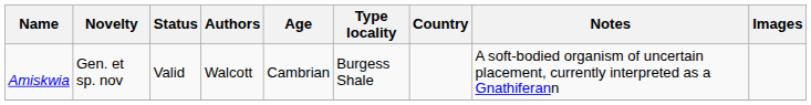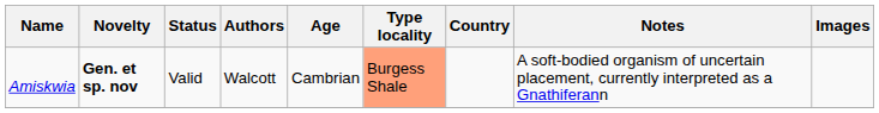 <table class="wikitable sortable" align="center" width="100%">
 <tr>
 <th>Name</th>
 <th>Novelty</th>
 <th>Status</th>
 <th>Authors</th>
 <th>Age</th>
 <th>Type locality</th>
 <th>Country</th>
 <th>Notes</th>
 <th>Images</th>
 </tr>
 <tr>
 <td><br><em><a href='#'>Amiskwia</a></em></td>
-<td>Gen. et sp. nov</td>
+<td><strong>Gen. et sp. nov</strong></td>
 <td>Valid</td>
 <td>Walcott</td>
 <td>Cambrian</td>
-<td>Burgess Shale</td>
+<td style="background: lightsalmon;">Burgess Shale</td>
 <td></td>
 <td>A soft-bodied organism of uncertain placement, currently interpreted as a <a href='#'>Gnathiferan</a>n</td>
 <td></td>
 </tr>
 <tr>
 </tr>
 </table>
